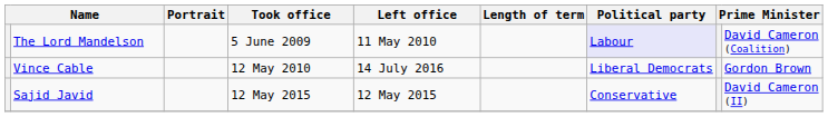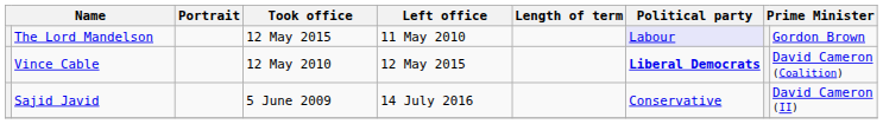 <table class="wikitable">
 <tr>
 <th colspan=2>Name</th>
 <th>Portrait</th>
 <th width=130>Took office</th>
 <th width=130>Left office</th>
 <th>Length of term</th>
 <th>Political party</th>
 <th colspan=2>Prime Minister</th>
 </tr>
 <tr>
 <th style="background-color: "></th>
 <td width=160><a href='#'>The Lord Mandelson</a></td>
 <td></td>
-<td>5 June 2009</td>
+<td>12 May 2015</td>
 <td>11 May 2010</td>
 <td></td>
 <td style="background: lavender;"><a href='#'>Labour</a></td>
 <th style="background-color: "></th>
-<td><a href='#'>David Cameron</a><br><small>(<a href='#'>Coalition</a>)</small></td>
+<td><a href='#'>Gordon Brown</a></td>
 </tr>
 <tr>
 <th style="background-color: "></th>
 <td width=160><a href='#'>Vince Cable</a></td>
 <td></td>
 <td>12 May 2010</td>
-<td>14 July 2016</td>
+<td>12 May 2015</td>
 <td></td>
-<td><a href='#'>Liberal Democrats</a></td>
+<td><strong><a href='#'>Liberal Democrats</a></strong></td>
 <th style="background-color: "></th>
-<td><a href='#'>Gordon Brown</a></td>
+<td><a href='#'>David Cameron</a><br><small>(<a href='#'>Coalition</a>)</small></td>
 </tr>
 <tr>
 <th style="background-color: "></th>
 <td width=160><a href='#'>Sajid Javid</a></td>
 <td></td>
-<td>12 May 2015</td>
-<td>12 May 2015</td>
+<td>5 June 2009</td>
+<td>14 July 2016</td>
 <td></td>
 <td><a href='#'>Conservative</a></td>
 <th style="background-color: "></th>
 <td><a href='#'>David Cameron</a><br><small>(<a href='#'>II</a>)</small></td>
 </tr>
 <tr>
 </tr>
 </table>
